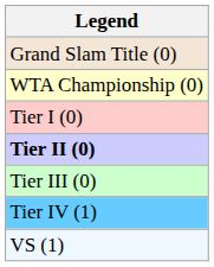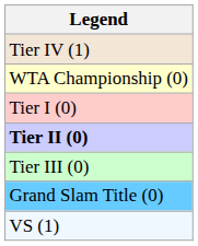 <table class="wikitable sortable mw-collapsible mw-collapsed">
 <tr>
 <th>Legend</th>
 </tr>
 <tr style="background:#f3e6d7;">
-<td>Grand Slam Title (0)</td>
+<td>Tier IV (1)</td>
 </tr>
 <tr style="background:#ffc;">
 <td>WTA Championship (0)</td>
 </tr>
 <tr style="background:#fcc;">
 <td>Tier I (0)</td>
 </tr>
 <tr style="background:#ccf;">
 <td><strong>Tier II (0)</strong></td>
 </tr>
 <tr style="background:#cfc;">
 <td>Tier III (0)</td>
 </tr>
 <tr style="background:#6cf;">
-<td>Tier IV (1)</td>
+<td>Grand Slam Title (0)</td>
 </tr>
 <tr style="background:#f0f8ff;">
 <td>VS (1)</td>
 </tr>
 </table>
